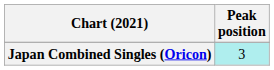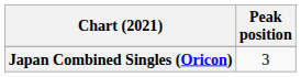 <table class="wikitable sortable plainrowheaders" style="text-align:center">
 <tr>
 <th scope="col">Chart (2021)</th>
 <th scope="col">Peak<br>position</th>
 </tr>
 <tr>
 </tr>
 <tr>
 </tr>
 <tr>
 <th scope="row">Japan Combined Singles (<a href='#'>Oricon</a>)</th>
-<td style="background: paleturquoise;">3</td>
+<td>3</td>
 </tr>
 </table>
